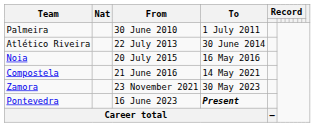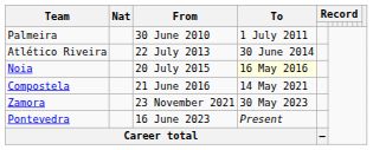 <table class="wikitable" style="text-align: center">
 <tr>
 <th rowspan="2">Team</th>
 <th rowspan="2">Nat</th>
 <th rowspan="2">From</th>
 <th rowspan="2">To</th>
 <th colspan="8">Record</th>
 <th rowspan=2></th>
 </tr>
 <tr>
 <th></th>
 <th></th>
 <th></th>
 <th></th>
 <th></th>
 <th></th>
 <th></th>
 <th></th>
 </tr>
 <tr>
 <td align="left">Palmeira</td>
 <td></td>
 <td align=left>30 June 2010</td>
 <td align=left>1 July 2011<br></td>
 <td></td>
 </tr>
 <tr>
 <td align="left">Atlético Riveira</td>
 <td></td>
 <td align=left>22 July 2013</td>
 <td align=left>30 June 2014<br></td>
 <td></td>
 </tr>
 <tr>
 <td align="left"><a href='#'>Noia</a></td>
 <td></td>
 <td align=left>20 July 2015</td>
-<td align=left>16 May 2016<br></td>
+<td align=left style="background: lightyellow;">16 May 2016<br></td>
 <td></td>
 </tr>
 <tr>
 <td align="left"><a href='#'>Compostela</a></td>
 <td></td>
 <td align=left>21 June 2016</td>
 <td align=left>14 May 2021<br></td>
 <td></td>
 </tr>
 <tr>
 <td align="left"><a href='#'>Zamora</a></td>
 <td></td>
 <td align=left>23 November 2021</td>
 <td align=left>30 May 2023<br></td>
 <td></td>
 </tr>
 <tr>
 <td align="left"><a href='#'>Pontevedra</a></td>
 <td></td>
 <td align=left>16 June 2023</td>
-<td align=left><strong><em>Present</em><br></strong></td>
+<td align=left><em>Present</em><br></td>
 <td></td>
 </tr>
 <tr>
 <th colspan=4>Career total<br></th>
 <th>—</th>
 </tr>
 </table>
